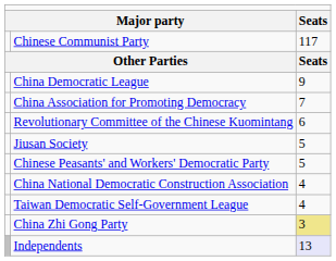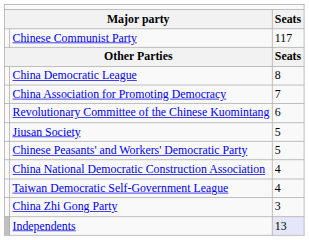 <table class="wikitable">
 <tr>
 <td colspan="6"></td>
 </tr>
 <tr>
 <th colspan="2">Major party</th>
 <th>Seats</th>
 </tr>
 <tr>
 <td style="background: "></td>
 <td><a href='#'>Chinese Communist Party</a></td>
 <td>117</td>
 </tr>
 <tr>
 <th colspan="2">Other Parties</th>
 <th>Seats</th>
 </tr>
 <tr>
 <td style="background: "></td>
 <td><a href='#'>China Democratic League</a></td>
-<td>9</td>
+<td>8</td>
 </tr>
 <tr>
 <td style="background: "></td>
 <td><a href='#'>China Association for Promoting Democracy</a></td>
 <td>7</td>
 </tr>
 <tr>
 <td style="background: "></td>
 <td><a href='#'>Revolutionary Committee of the Chinese Kuomintang</a></td>
 <td>6</td>
 </tr>
 <tr>
 <td style="background: "></td>
 <td><a href='#'>Jiusan Society</a></td>
 <td>5</td>
 </tr>
 <tr>
 <td style="background: "></td>
 <td><a href='#'>Chinese Peasants' and Workers' Democratic Party</a></td>
 <td>5</td>
 </tr>
 <tr>
 <td style="background: "></td>
 <td><a href='#'>China National Democratic Construction Association</a></td>
 <td>4</td>
 </tr>
 <tr>
 <td style="background: "></td>
 <td><a href='#'>Taiwan Democratic Self-Government League</a></td>
 <td>4</td>
 </tr>
 <tr>
 <td style="background: "></td>
 <td><a href='#'>China Zhi Gong Party</a></td>
-<td style="background: khaki;">3</td>
+<td>3</td>
 </tr>
 <tr>
 <td style="background: #C0C0C0"></td>
 <td><a href='#'>Independents</a></td>
 <td style="background: lavender;">13</td>
 </tr>
 </table>
